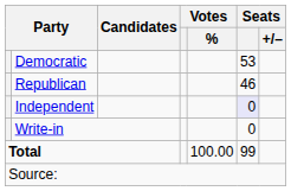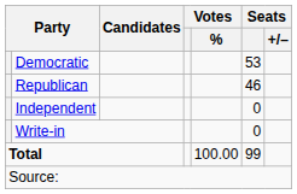 <table class="wikitable">
 <tr>
 <th colspan="2" rowspan="2">Party</th>
 <th rowspan="2">Candidates</th>
 <th colspan="2">Votes</th>
 <th colspan="4">Seats</th>
 </tr>
 <tr>
 <th></th>
 <th>%</th>
 <th></th>
 <th>+/–</th>
 </tr>
 <tr>
 <th style="background-color:"></th>
 <td><a href='#'>Democratic</a></td>
 <td align="right"></td>
 <td align="right"></td>
 <td align="right"></td>
 <td align="right">53</td>
 <td align="right"></td>
 </tr>
 <tr>
 <th style="background-color:"></th>
 <td><a href='#'>Republican</a></td>
 <td align="right"></td>
 <td align="right"></td>
 <td align="right"></td>
 <td align="right">46</td>
 <td align="right"></td>
 </tr>
 <tr>
 <th style="background-color:"></th>
 <td><a href='#'>Independent</a></td>
 <td align="right"></td>
 <td align="right"></td>
 <td align="right"></td>
-<td align="right" style="background: lavender;">0</td>
+<td align="right">0</td>
 <td align="right"></td>
 </tr>
 <tr>
 <th style="background-color:"></th>
 <td colspan="2" align="left"><a href='#'>Write-in</a></td>
 <td align="right"></td>
 <td align="right"></td>
 <td align="right">0</td>
 <td align="right"></td>
 </tr>
 <tr>
 <td colspan="3" align="left"><strong>Total</strong></td>
 <td align="right"></td>
 <td align="right">100.00</td>
 <td align="right">99</td>
 <td align="right"></td>
 </tr>
 <tr>
 <td colspan="10">Source: </td>
 </tr>
 </table>
